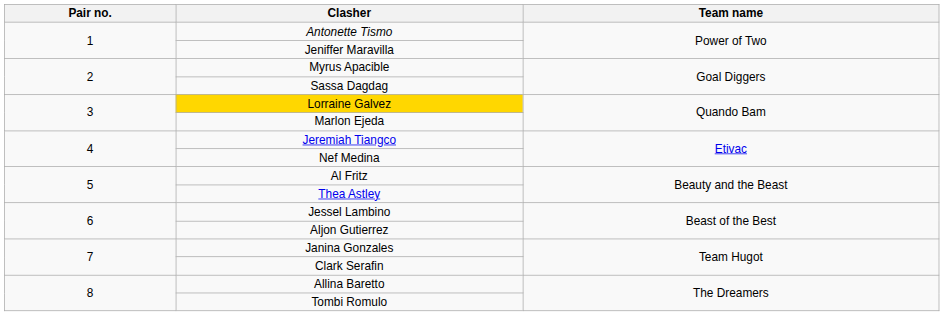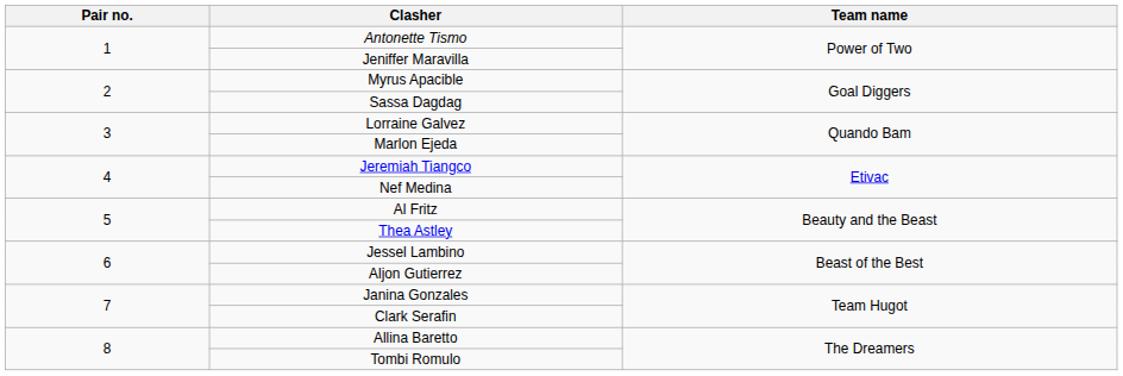 <table class="wikitable collapsible collapsed" style="text-align:center; line-height:17px; width:100%;">
 <tr>
 <th>Pair no.</th>
 <th>Clasher</th>
 <th>Team name</th>
 </tr>
 <tr>
 <td rowspan="2">1</td>
 <td><em>Antonette Tismo</em></td>
 <td rowspan="2">Power of Two</td>
 </tr>
 <tr>
 <td>Jeniffer Maravilla</td>
 </tr>
 <tr>
 <td rowspan="2">2</td>
 <td>Myrus Apacible</td>
 <td rowspan="2">Goal Diggers</td>
 </tr>
 <tr>
 <td>Sassa Dagdag</td>
 </tr>
 <tr>
 <td rowspan="2">3</td>
-<td style="background: gold;">Lorraine Galvez</td>
+<td>Lorraine Galvez</td>
 <td rowspan="2">Quando Bam</td>
 </tr>
 <tr>
 <td>Marlon Ejeda</td>
 </tr>
 <tr>
 <td rowspan="2">4</td>
 <td><a href='#'>Jeremiah Tiangco</a></td>
 <td rowspan="2"><a href='#'>Etivac</a></td>
 </tr>
 <tr>
 <td>Nef Medina</td>
 </tr>
 <tr>
 <td rowspan="2">5</td>
 <td>Al Fritz</td>
 <td rowspan="2">Beauty and the Beast</td>
 </tr>
 <tr>
 <td><a href='#'>Thea Astley</a></td>
 </tr>
 <tr>
 <td rowspan="2">6</td>
 <td>Jessel Lambino</td>
 <td rowspan="2">Beast of the Best</td>
 </tr>
 <tr>
 <td>Aljon Gutierrez</td>
 </tr>
 <tr>
 <td rowspan="2">7</td>
 <td>Janina Gonzales</td>
 <td rowspan="2">Team Hugot</td>
 </tr>
 <tr>
 <td>Clark Serafin</td>
 </tr>
 <tr>
 <td rowspan="2">8</td>
 <td>Allina Baretto</td>
 <td rowspan="2">The Dreamers</td>
 </tr>
 <tr>
 <td>Tombi Romulo</td>
 </tr>
 </table>
